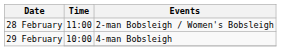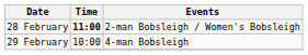 <table class="wikitable" border="1">
 <tr>
 <th>Date</th>
 <th>Time</th>
 <th>Events</th>
 </tr>
 <tr>
 <td>28 February</td>
-<td>11:00</td>
+<td><strong>11:00</strong></td>
 <td>2-man Bobsleigh / Women's Bobsleigh</td>
 </tr>
 <tr>
 <td rowspan=2>29 February</td>
 <td>10:00</td>
 <td>4-man Bobsleigh</td>
 </tr>
 <tr>
 </tr>
 </table>
